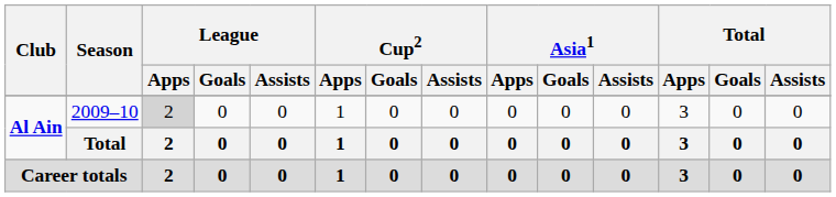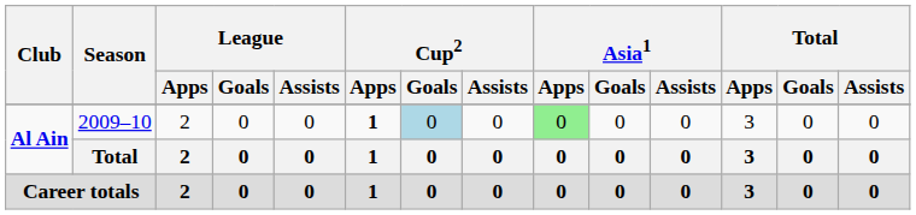 <table class="wikitable" style="font-size:90%; text-align: center;">
 <tr>
 <th rowspan="2">Club</th>
 <th rowspan="2">Season</th>
 <th colspan="3">League</th>
 <th colspan="3"><br>Cup<sup>2</sup></th>
 <th colspan="3"><br><a href='#'>Asia</a><sup>1</sup></th>
 <th colspan="3">Total</th>
 </tr>
 <tr>
 <th>Apps</th>
 <th>Goals</th>
 <th>Assists</th>
 <th>Apps</th>
 <th>Goals</th>
 <th>Assists</th>
 <th>Apps</th>
 <th>Goals</th>
 <th>Assists</th>
 <th>Apps</th>
 <th>Goals</th>
 <th>Assists</th>
 </tr>
 <tr>
 </tr>
 <tr align=center>
 <td rowspan="2" align=center valign=center><strong><a href='#'>Al Ain</a></strong></td>
 <td><a href='#'>2009–10</a></td>
-<td style="background: lightgrey;">2</td>
+<td>2</td>
 <td>0</td>
 <td>0</td>
-<td>1</td>
+<td><strong>1</strong></td>
+<td style="background: lightblue;">0</td>
 <td>0</td>
-<td>0</td>
-<td>0</td>
+<td style="background: lightgreen;">0</td>
 <td>0</td>
 <td>0</td>
 <td>3</td>
 <td>0</td>
 <td>0</td>
 </tr>
 <tr align=center>
 <th>Total</th>
 <th>2</th>
 <th>0</th>
 <th>0</th>
 <th>1</th>
 <th>0</th>
 <th>0</th>
 <th>0</th>
 <th>0</th>
 <th>0</th>
 <th>3</th>
 <th>0</th>
 <th>0</th>
 </tr>
 <tr>
 <th style="background: #DCDCDC" colspan="2">Career totals</th>
 <th style="background: #DCDCDC">2</th>
 <th style="background: #DCDCDC">0</th>
 <th style="background: #DCDCDC">0</th>
 <th style="background: #DCDCDC">1</th>
 <th style="background: #DCDCDC">0</th>
 <th style="background: #DCDCDC">0</th>
 <th style="background: #DCDCDC">0</th>
 <th style="background: #DCDCDC">0</th>
 <th style="background: #DCDCDC">0</th>
 <th style="background: #DCDCDC">3</th>
 <th style="background: #DCDCDC">0</th>
 <th style="background: #DCDCDC">0</th>
 </tr>
 </table>
